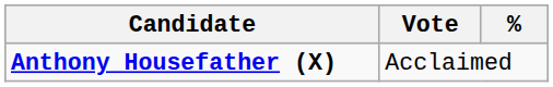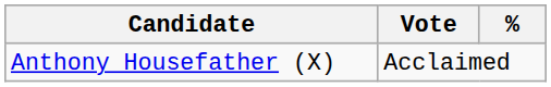 <table class="wikitable">
 <tr>
 <th bgcolor="#DDDDFF" width="200px">Candidate</th>
 <th bgcolor="#DDDDFF" width="50px">Vote</th>
 <th bgcolor="#DDDDFF" width="30px">%</th>
 </tr>
 <tr>
-<td><strong><a href='#'>Anthony Housefather</a> (X)</strong></td>
+<td><a href='#'>Anthony Housefather</a> (X)</td>
 <td colspan="2">Acclaimed</td>
 </tr>
 </table>
